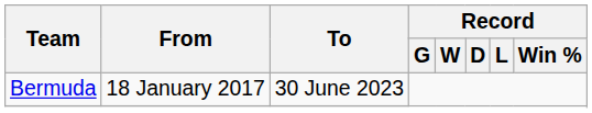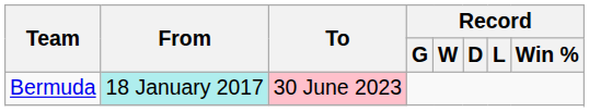 <table class="wikitable" style="text-align: center">
 <tr>
 <th rowspan="2">Team</th>
 <th rowspan="2">From</th>
 <th rowspan="2">To</th>
 <th colspan="5">Record</th>
 </tr>
 <tr>
 <th>G</th>
 <th>W</th>
 <th>D</th>
 <th>L</th>
 <th>Win %</th>
 </tr>
 <tr>
 <td align=left><a href='#'>Bermuda</a></td>
-<td align=left>18 January 2017</td>
-<td align=left>30 June 2023<br></td>
+<td align=left style="background: paleturquoise;">18 January 2017</td>
+<td align=left style="background: pink;">30 June 2023<br></td>
 </tr>
 <tr>
 </tr>
 </table>
